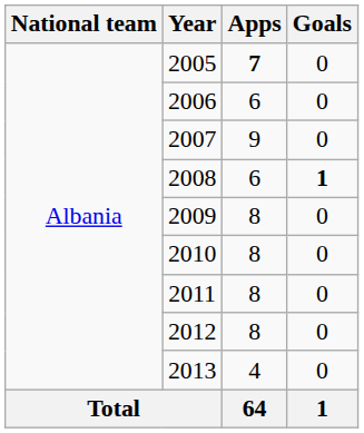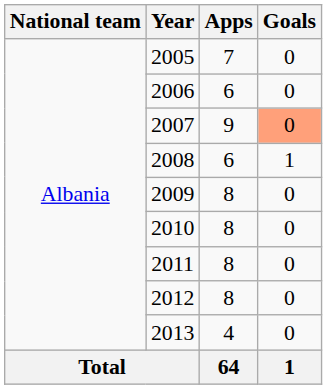 <table class=wikitable style="text-align: center;">
 <tr>
 <th>National team</th>
 <th>Year</th>
 <th>Apps</th>
 <th>Goals</th>
 </tr>
 <tr>
 <td rowspan="9"><a href='#'>Albania</a></td>
 <td>2005</td>
-<td><strong>7</strong></td>
+<td>7</td>
 <td>0</td>
 </tr>
 <tr>
 <td>2006</td>
 <td>6</td>
 <td>0</td>
 </tr>
 <tr>
 <td>2007</td>
 <td>9</td>
-<td>0</td>
+<td style="background: lightsalmon;">0</td>
 </tr>
 <tr>
 <td>2008</td>
 <td>6</td>
-<td><strong>1</strong></td>
+<td>1</td>
 </tr>
 <tr>
 <td>2009</td>
 <td>8</td>
 <td>0</td>
 </tr>
 <tr>
 <td>2010</td>
 <td>8</td>
 <td>0</td>
 </tr>
 <tr>
 <td>2011</td>
 <td>8</td>
 <td>0</td>
 </tr>
 <tr>
 <td>2012</td>
 <td>8</td>
 <td>0</td>
 </tr>
 <tr>
 <td>2013</td>
 <td>4</td>
 <td>0</td>
 </tr>
 <tr>
 <th colspan="2">Total</th>
 <th>64</th>
 <th>1</th>
 </tr>
 </table>
